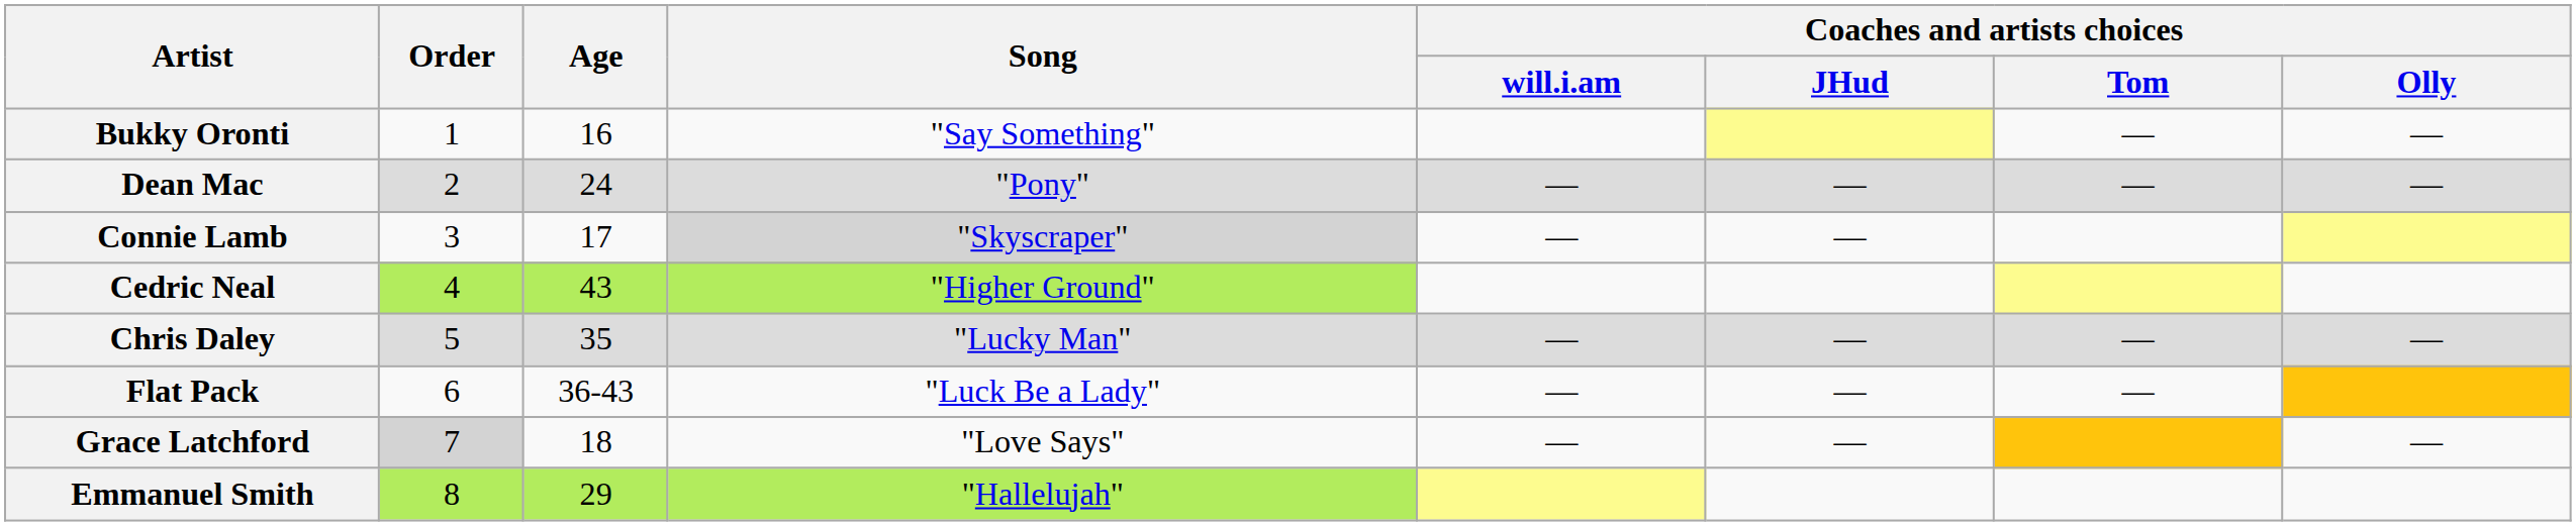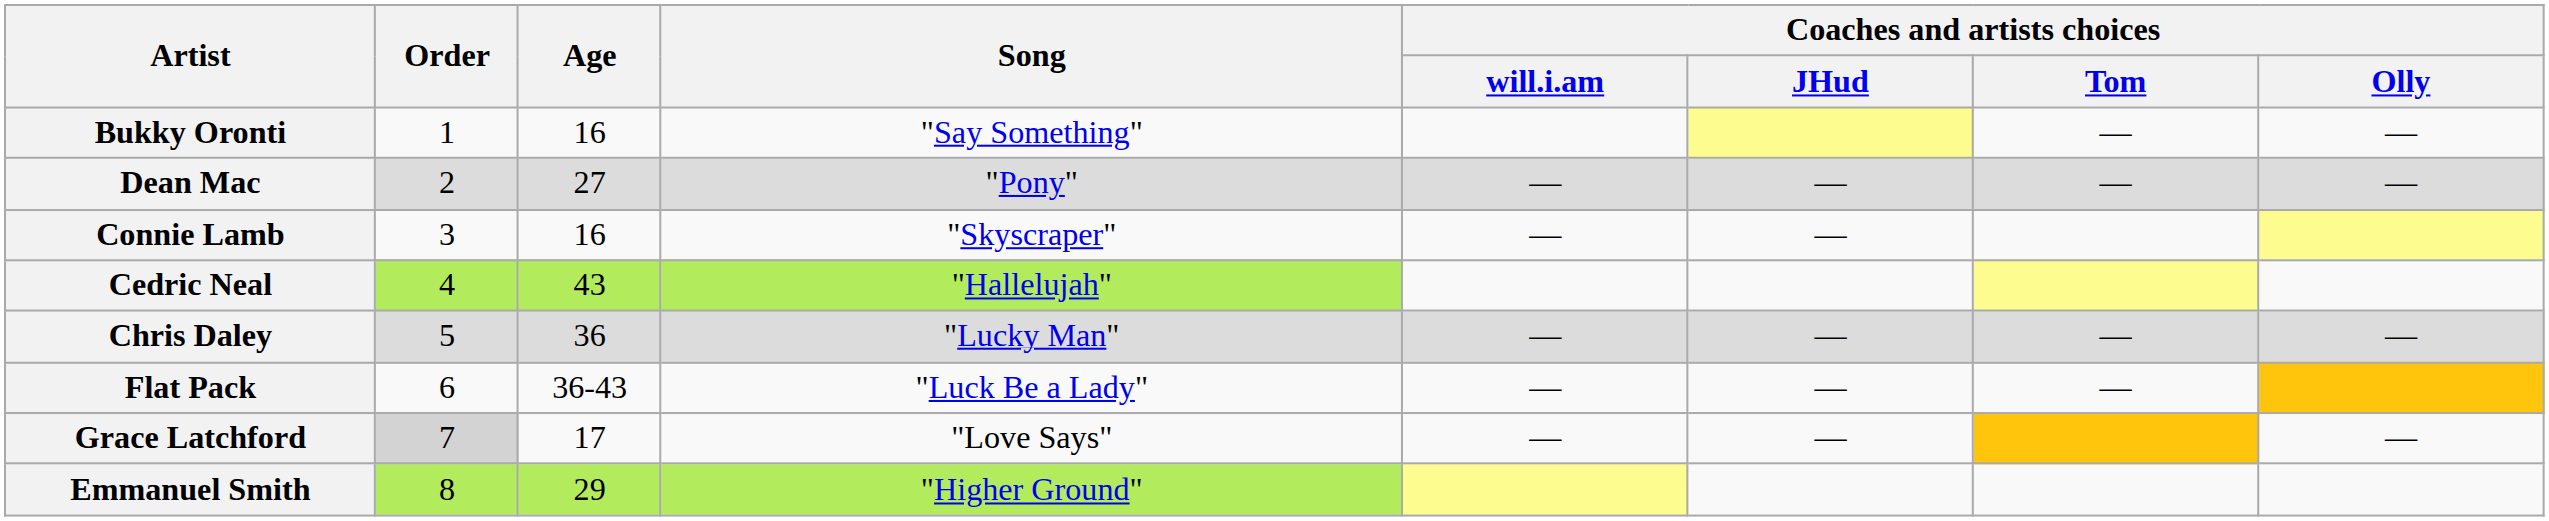 <table class="wikitable" style="text-align:center; width:100%;">
 <tr>
 <th rowspan="2" scope="col" style="width:13%;">Artist</th>
 <th rowspan="2" scope="col" style="width:05%;">Order</th>
 <th rowspan="2" scope="col" style="width:05%;">Age</th>
 <th rowspan="2" scope="col" style="width:26%;">Song</th>
 <th colspan="4" style="width:40%;">Coaches and artists choices</th>
 </tr>
 <tr>
 <th style="width:10%;"><a href='#'>will.i.am</a></th>
 <th style="width:10%;"><a href='#'>JHud</a></th>
 <th style="width:10%;"><a href='#'>Tom</a></th>
 <th style="width:10%;"><a href='#'>Olly</a></th>
 </tr>
 <tr>
 <th scope="row">Bukky Oronti</th>
 <td>1</td>
 <td>16</td>
 <td>"<a href='#'>Say Something</a>"</td>
 <td><strong></strong></td>
 <td style="background:#fdfc8f;"><strong></strong></td>
 <td>—</td>
 <td>—</td>
 </tr>
 <tr style="background:#DCDCDC;">
 <th>Dean Mac</th>
 <td>2</td>
-<td>24</td>
+<td>27</td>
 <td>"<a href='#'>Pony</a>"</td>
 <td>—</td>
 <td>—</td>
 <td>—</td>
 <td>—</td>
 </tr>
 <tr>
 <th>Connie Lamb</th>
 <td>3</td>
-<td>17</td>
-<td style="background: lightgrey;">"<a href='#'>Skyscraper</a>"</td>
+<td>16</td>
+<td>"<a href='#'>Skyscraper</a>"</td>
 <td>—</td>
 <td>—</td>
 <td><strong></strong></td>
 <td style="background:#fdfc8f;"><strong></strong></td>
 </tr>
 <tr>
 <th>Cedric Neal</th>
 <td style="background-color:#B2EC5D;">4</td>
 <td style="background-color:#B2EC5D;">43</td>
-<td style="background-color:#B2EC5D;">"<a href='#'>Higher Ground</a>"</td>
+<td style="background-color:#B2EC5D;">"<a href='#'>Hallelujah</a>"</td>
 <td><strong></strong></td>
 <td><strong></strong></td>
 <td style="background:#fdfc8f;"><strong></strong></td>
 <td><strong></strong></td>
 </tr>
 <tr style="background:#DCDCDC;">
 <th>Chris Daley</th>
 <td>5</td>
-<td>35</td>
+<td>36</td>
 <td>"<a href='#'>Lucky Man</a>"</td>
 <td>—</td>
 <td>—</td>
 <td>—</td>
 <td>—</td>
 </tr>
 <tr>
 <th>Flat Pack</th>
 <td>6</td>
 <td>36-43</td>
 <td>"<a href='#'>Luck Be a Lady</a>"</td>
 <td>—</td>
 <td>—</td>
 <td>—</td>
 <td style="background:#FFC40C;text-align:center;"><strong></strong></td>
 </tr>
 <tr>
 <th>Grace Latchford</th>
 <td style="background: lightgrey;">7</td>
-<td>18</td>
+<td>17</td>
 <td>"Love Says"</td>
 <td>—</td>
 <td>—</td>
 <td style="background:#FFC40C;text-align:center;"><strong></strong></td>
 <td>—</td>
 </tr>
 <tr>
 <th>Emmanuel Smith</th>
 <td style="background-color:#B2EC5D;">8</td>
 <td style="background-color:#B2EC5D;">29</td>
-<td style="background-color:#B2EC5D;">"<a href='#'>Hallelujah</a>"</td>
+<td style="background-color:#B2EC5D;">"<a href='#'>Higher Ground</a>"</td>
 <td style="background:#fdfc8f;"><strong></strong></td>
 <td><strong></strong></td>
 <td><strong></strong></td>
 <td><strong></strong></td>
 </tr>
 </table>
